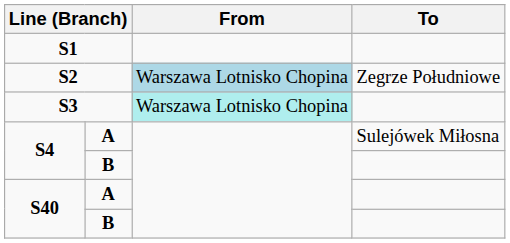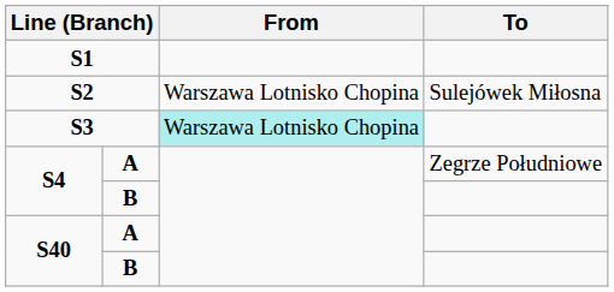 <table class="wikitable" style="font-weight:bold; text-align:center;">
 <tr style="text-align:left;">
 <th colspan="2" style="font-family:Arial, Helvetica, sans-serif !important;">Line (Branch)</th>
 <th style="font-family:Arial, Helvetica, sans-serif !important;">From</th>
 <th style="font-family:Arial, Helvetica, sans-serif !important;">To</th>
 </tr>
 <tr>
 <td colspan="2" style="background-color:#">S1</td>
 <td style="font-weight:normal; text-align:left;"></td>
 <td style="font-weight:normal; text-align:left;"></td>
 </tr>
 <tr>
 <td colspan="2" style="background-color:#">S2</td>
-<td style="background: lightblue; font-weight:normal; text-align:left;">Warszawa Lotnisko Chopina</td>
-<td style="font-weight:normal; text-align:left;">Zegrze Południowe</td>
+<td style="font-weight:normal; text-align:left;">Warszawa Lotnisko Chopina</td>
+<td style="font-weight:normal; text-align:left;">Sulejówek Miłosna</td>
 </tr>
 <tr>
 <td colspan="2" style="background-color:#">S3</td>
 <td style="background: paleturquoise; font-weight:normal; text-align:left;">Warszawa Lotnisko Chopina</td>
 <td style="font-weight:normal; text-align:left;"></td>
 </tr>
 <tr>
 <td rowspan="2" style="background-color:#">S4</td>
 <td style="background-color:#">A</td>
 <td rowspan="4" style="font-weight:normal; text-align:left;"></td>
-<td style="font-weight:normal; text-align:left;">Sulejówek Miłosna</td>
+<td style="font-weight:normal; text-align:left;">Zegrze Południowe</td>
 </tr>
 <tr>
 <td style="background-color:#">B</td>
 <td style="font-weight:normal; text-align:left;"></td>
 </tr>
 <tr>
 <td rowspan="2" style="background-color:#">S40</td>
 <td style="background-color:#">A</td>
 <td style="font-weight:normal; text-align:left;"></td>
 </tr>
 <tr>
 <td style="background-color:#">B</td>
 <td style="font-weight:normal; text-align:left;"></td>
 </tr>
 </table>
